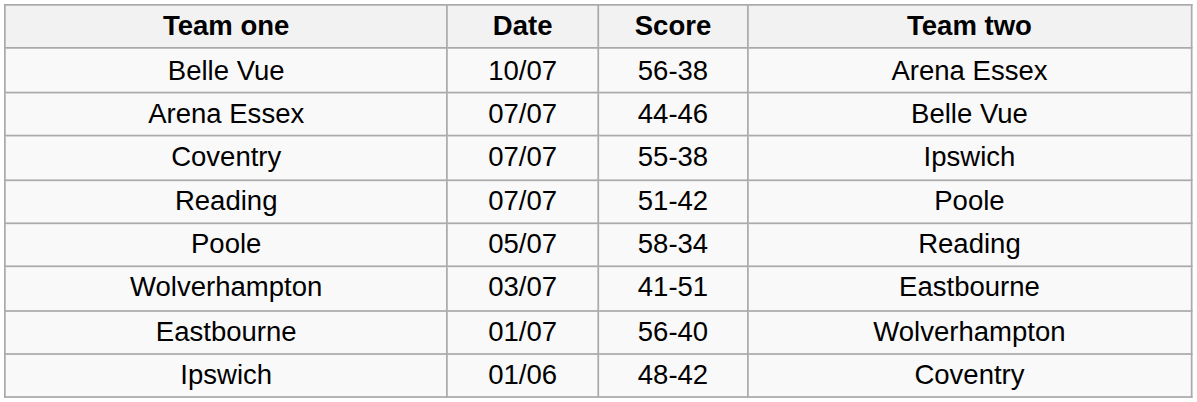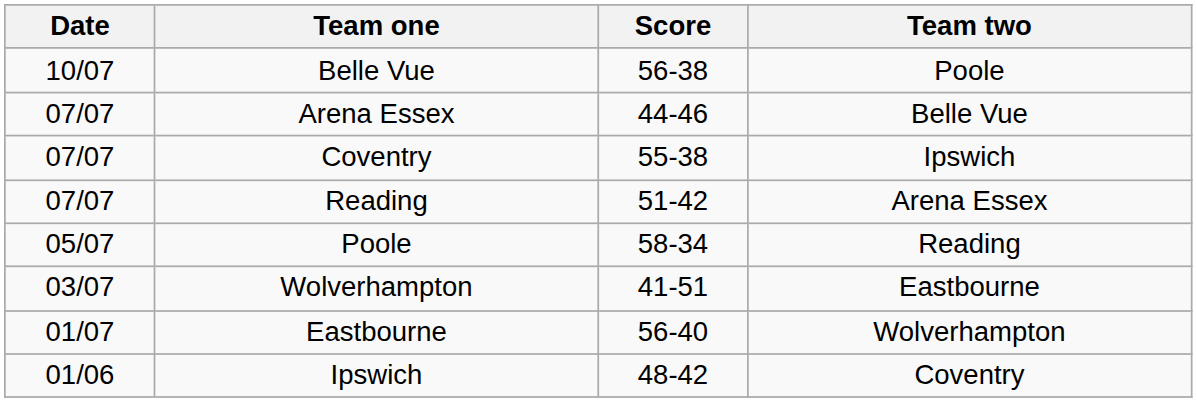 <table class="wikitable" style="text-align: center">
 <tr>
+<th width=80>Date</th>
 <th width=250>Team one</th>
-<th width=80>Date</th>
 <th width=80>Score</th>
 <th width=250>Team two</th>
 </tr>
 <tr>
+<td>10/07</td>
 <td>Belle Vue</td>
-<td>10/07</td>
 <td>56-38</td>
-<td>Arena Essex</td>
+<td>Poole</td>
 </tr>
 <tr>
+<td>07/07</td>
 <td>Arena Essex</td>
-<td>07/07</td>
 <td>44-46</td>
 <td>Belle Vue</td>
 </tr>
 <tr>
+<td>07/07</td>
 <td>Coventry</td>
-<td>07/07</td>
 <td>55-38</td>
 <td>Ipswich</td>
 </tr>
 <tr>
+<td>07/07</td>
 <td>Reading</td>
-<td>07/07</td>
 <td>51-42</td>
-<td>Poole</td>
+<td>Arena Essex</td>
 </tr>
 <tr>
+<td>05/07</td>
 <td>Poole</td>
-<td>05/07</td>
 <td>58-34</td>
 <td>Reading</td>
 </tr>
 <tr>
+<td>03/07</td>
 <td>Wolverhampton</td>
-<td>03/07</td>
 <td>41-51</td>
 <td>Eastbourne</td>
 </tr>
 <tr>
+<td>01/07</td>
 <td>Eastbourne</td>
-<td>01/07</td>
 <td>56-40</td>
 <td>Wolverhampton</td>
 </tr>
 <tr>
+<td>01/06</td>
 <td>Ipswich</td>
-<td>01/06</td>
 <td>48-42</td>
 <td>Coventry</td>
 </tr>
 </table>
